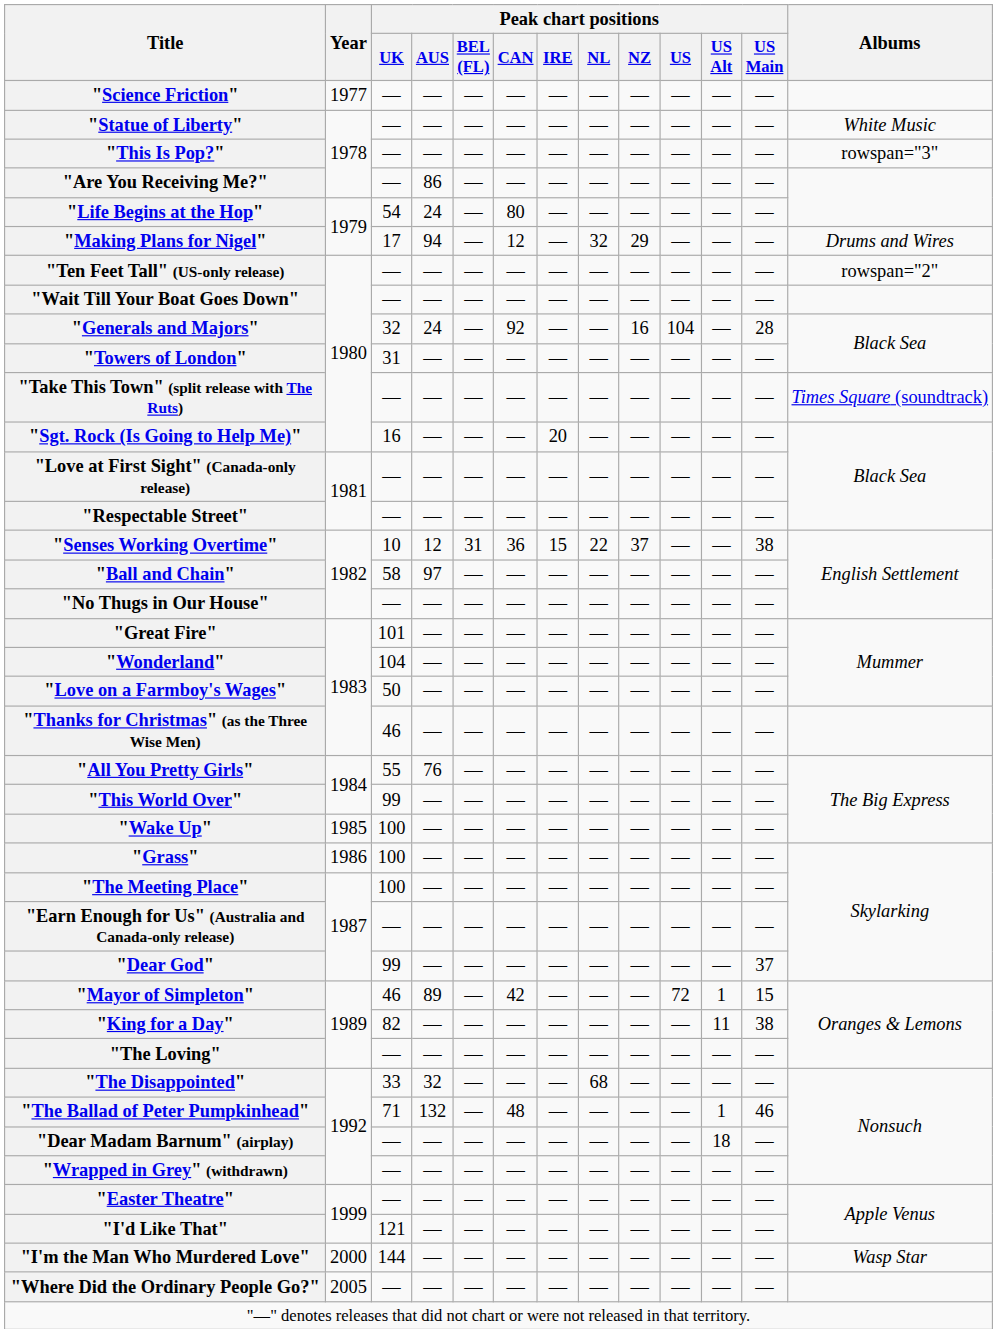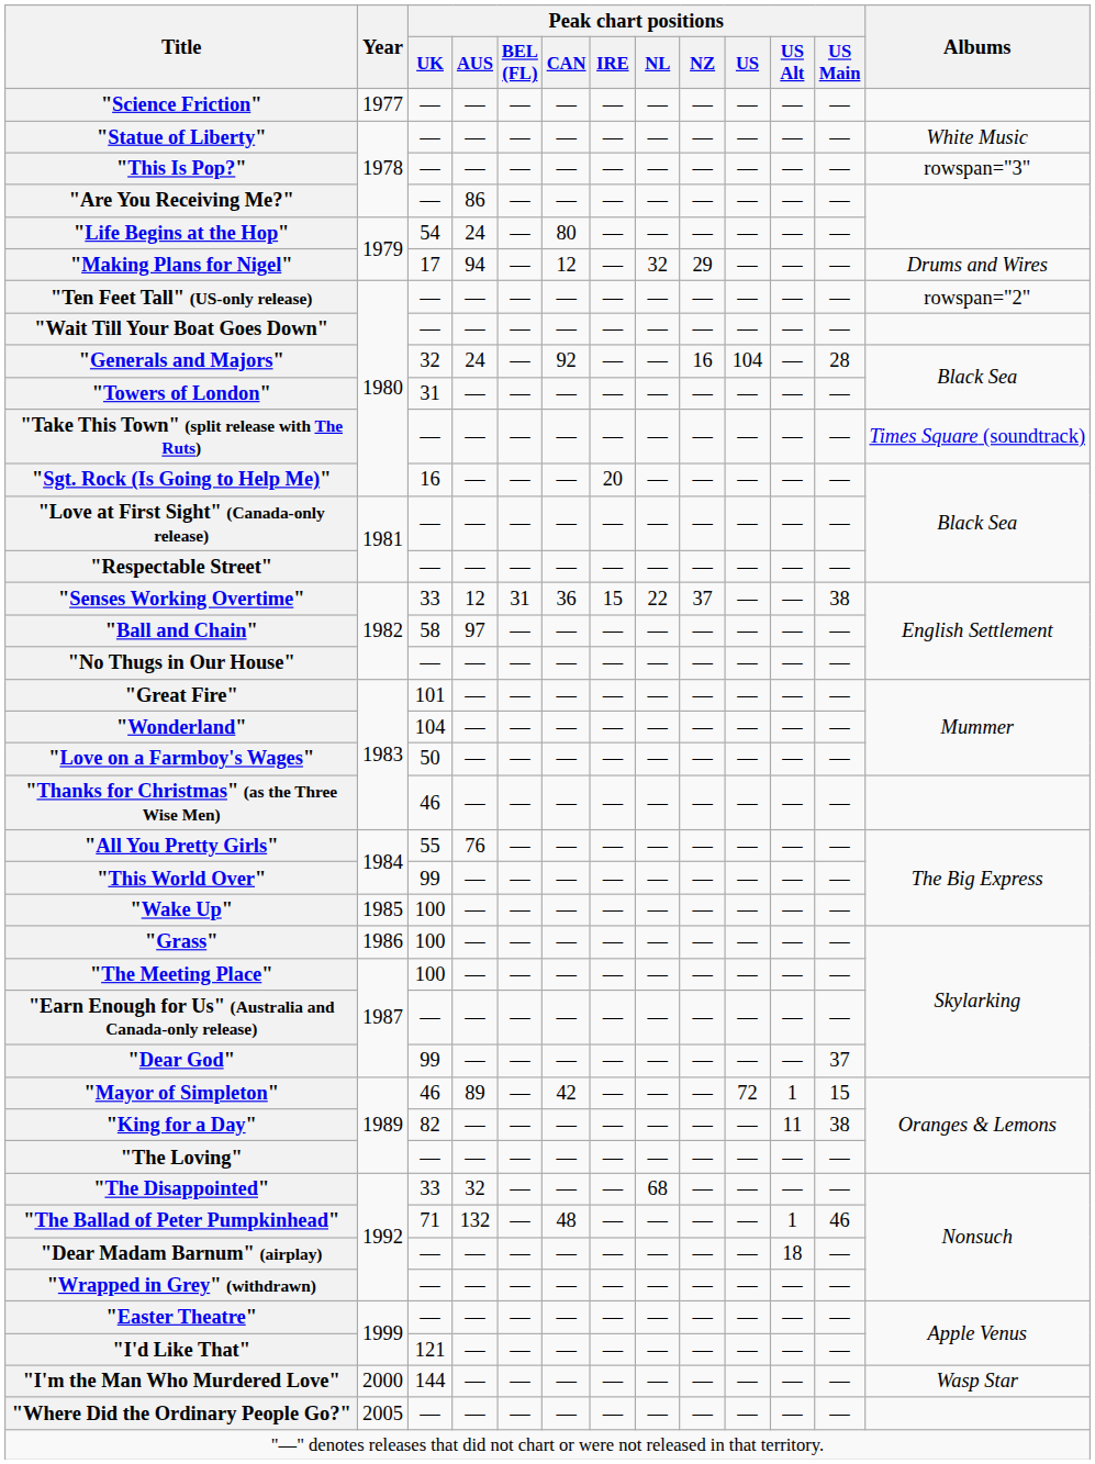 <table class="wikitable plainrowheaders" style="text-align:center;">
 <tr>
 <th rowspan="2" scope="col" style="width:17em;">Title</th>
 <th rowspan="2" scope="col" style="width:2em;">Year</th>
 <th colspan="10">Peak chart positions</th>
 <th rowspan="2">Albums</th>
 </tr>
 <tr>
 <th scope="col" style="width:2em;font-size:90%;"><a href='#'>UK</a><br></th>
 <th scope="col" style="width:2em;font-size:90%;"><a href='#'>AUS</a><br></th>
 <th scope="col" style="width:2em;font-size:90%;"><a href='#'>BEL<br>(FL)</a><br></th>
 <th scope="col" style="width:2em;font-size:90%;"><a href='#'>CAN</a><br></th>
 <th scope="col" style="width:2em;font-size:90%;"><a href='#'>IRE</a><br></th>
 <th scope="col" style="width:2em;font-size:90%;"><a href='#'>NL</a><br></th>
 <th scope="col" style="width:2em;font-size:90%;"><a href='#'>NZ</a><br></th>
 <th scope="col" style="width:2em;font-size:90%;"><a href='#'>US</a><br></th>
 <th scope="col" style="width:2em;font-size:90%;"><a href='#'>US Alt</a><br></th>
 <th scope="col" style="width:2em;font-size:90%;"><a href='#'>US Main</a><br></th>
 </tr>
 <tr>
 <th scope="row">"<a href='#'>Science Friction</a>"</th>
 <td>1977</td>
 <td>—</td>
 <td>—</td>
 <td>—</td>
 <td>—</td>
 <td>—</td>
 <td>—</td>
 <td>—</td>
 <td>—</td>
 <td>—</td>
 <td>—</td>
 <td></td>
 </tr>
 <tr>
 <th scope="row">"<a href='#'>Statue of Liberty</a>"</th>
 <td rowspan="3">1978</td>
 <td>—</td>
 <td>—</td>
 <td>—</td>
 <td>—</td>
 <td>—</td>
 <td>—</td>
 <td>—</td>
 <td>—</td>
 <td>—</td>
 <td>—</td>
 <td><em>White Music</em></td>
 </tr>
 <tr>
 <th scope="row">"<a href='#'>This Is Pop?</a>"</th>
 <td>—</td>
 <td>—</td>
 <td>—</td>
 <td>—</td>
 <td>—</td>
 <td>—</td>
 <td>—</td>
 <td>—</td>
 <td>—</td>
 <td>—</td>
 <td>rowspan="3" </td>
 </tr>
 <tr>
 <th scope="row">"Are You Receiving Me?"</th>
 <td>—</td>
 <td>86</td>
 <td>—</td>
 <td>—</td>
 <td>—</td>
 <td>—</td>
 <td>—</td>
 <td>—</td>
 <td>—</td>
 <td>—</td>
 </tr>
 <tr>
 <th scope="row">"<a href='#'>Life Begins at the Hop</a>"</th>
 <td rowspan="2">1979</td>
 <td>54</td>
 <td>24</td>
 <td>—</td>
 <td>80</td>
 <td>—</td>
 <td>—</td>
 <td>—</td>
 <td>—</td>
 <td>—</td>
 <td>—</td>
 </tr>
 <tr>
 <th scope="row">"<a href='#'>Making Plans for Nigel</a>"</th>
 <td>17</td>
 <td>94</td>
 <td>—</td>
 <td>12</td>
 <td>—</td>
 <td>32</td>
 <td>29</td>
 <td>—</td>
 <td>—</td>
 <td>—</td>
 <td rowspan="1"><em>Drums and Wires</em></td>
 </tr>
 <tr>
 <th scope="row">"Ten Feet Tall" <small>(US-only release)</small></th>
 <td rowspan="6">1980</td>
 <td>—</td>
 <td>—</td>
 <td>—</td>
 <td>—</td>
 <td>—</td>
 <td>—</td>
 <td>—</td>
 <td>—</td>
 <td>—</td>
 <td>—</td>
 <td>rowspan="2" </td>
 </tr>
 <tr>
 <th scope="row">"Wait Till Your Boat Goes Down"</th>
 <td>—</td>
 <td>—</td>
 <td>—</td>
 <td>—</td>
 <td>—</td>
 <td>—</td>
 <td>—</td>
 <td>—</td>
 <td>—</td>
 <td>—</td>
 </tr>
 <tr>
 <th scope="row">"<a href='#'>Generals and Majors</a>"</th>
 <td>32</td>
 <td>24</td>
 <td>—</td>
 <td>92</td>
 <td>—</td>
 <td>—</td>
 <td>16</td>
 <td>104</td>
 <td>—</td>
 <td>28</td>
 <td rowspan="2"><em>Black Sea</em></td>
 </tr>
 <tr>
 <th scope="row">"<a href='#'>Towers of London</a>"</th>
 <td>31</td>
 <td>—</td>
 <td>—</td>
 <td>—</td>
 <td>—</td>
 <td>—</td>
 <td>—</td>
 <td>—</td>
 <td>—</td>
 <td>—</td>
 </tr>
 <tr>
 <th scope="row">"Take This Town" <small>(split release with <a href='#'>The Ruts</a>)</small></th>
 <td>—</td>
 <td>—</td>
 <td>—</td>
 <td>—</td>
 <td>—</td>
 <td>—</td>
 <td>—</td>
 <td>—</td>
 <td>—</td>
 <td>—</td>
 <td><a href='#'><em>Times Square</em> (soundtrack)</a></td>
 </tr>
 <tr>
 <th scope="row">"<a href='#'>Sgt. Rock (Is Going to Help Me)</a>"</th>
 <td>16</td>
 <td>—</td>
 <td>—</td>
 <td>—</td>
 <td>20</td>
 <td>—</td>
 <td>—</td>
 <td>—</td>
 <td>—</td>
 <td>—</td>
 <td rowspan="3"><em>Black Sea</em></td>
 </tr>
 <tr>
 <th scope="row">"Love at First Sight" <small>(Canada-only release)</small></th>
 <td rowspan="2">1981</td>
 <td>—</td>
 <td>—</td>
 <td>—</td>
 <td>—</td>
 <td>—</td>
 <td>—</td>
 <td>—</td>
 <td>—</td>
 <td>—</td>
 <td>—</td>
 </tr>
 <tr>
 <th scope="row">"Respectable Street"</th>
 <td>—</td>
 <td>—</td>
 <td>—</td>
 <td>—</td>
 <td>—</td>
 <td>—</td>
 <td>—</td>
 <td>—</td>
 <td>—</td>
 <td>—</td>
 </tr>
 <tr>
 <th scope="row">"<a href='#'>Senses Working Overtime</a>"</th>
 <td rowspan="3">1982</td>
-<td>10</td>
+<td>33</td>
 <td>12</td>
 <td>31</td>
 <td>36</td>
 <td>15</td>
 <td>22</td>
 <td>37</td>
 <td>—</td>
 <td>—</td>
 <td>38</td>
 <td rowspan="3"><em>English Settlement</em></td>
 </tr>
 <tr>
 <th scope="row">"<a href='#'>Ball and Chain</a>"</th>
 <td>58</td>
 <td>97</td>
 <td>—</td>
 <td>—</td>
 <td>—</td>
 <td>—</td>
 <td>—</td>
 <td>—</td>
 <td>—</td>
 <td>—</td>
 </tr>
 <tr>
 <th scope="row">"No Thugs in Our House"</th>
 <td>—</td>
 <td>—</td>
 <td>—</td>
 <td>—</td>
 <td>—</td>
 <td>—</td>
 <td>—</td>
 <td>—</td>
 <td>—</td>
 <td>—</td>
 </tr>
 <tr>
 <th scope="row">"Great Fire"</th>
 <td rowspan="4">1983</td>
 <td>101</td>
 <td>—</td>
 <td>—</td>
 <td>—</td>
 <td>—</td>
 <td>—</td>
 <td>—</td>
 <td>—</td>
 <td>—</td>
 <td>—</td>
 <td rowspan="3"><em>Mummer</em></td>
 </tr>
 <tr>
 <th scope="row">"<a href='#'>Wonderland</a>"</th>
 <td>104</td>
 <td>—</td>
 <td>—</td>
 <td>—</td>
 <td>—</td>
 <td>—</td>
 <td>—</td>
 <td>—</td>
 <td>—</td>
 <td>—</td>
 </tr>
 <tr>
 <th scope="row">"<a href='#'>Love on a Farmboy's Wages</a>"</th>
 <td>50</td>
 <td>—</td>
 <td>—</td>
 <td>—</td>
 <td>—</td>
 <td>—</td>
 <td>—</td>
 <td>—</td>
 <td>—</td>
 <td>—</td>
 </tr>
 <tr>
 <th scope="row">"<a href='#'>Thanks for Christmas</a>" <small>(as the Three Wise Men)</small></th>
 <td>46</td>
 <td>—</td>
 <td>—</td>
 <td>—</td>
 <td>—</td>
 <td>—</td>
 <td>—</td>
 <td>—</td>
 <td>—</td>
 <td>—</td>
 <td></td>
 </tr>
 <tr>
 <th scope="row">"<a href='#'>All You Pretty Girls</a>"</th>
 <td rowspan="2">1984</td>
 <td>55</td>
 <td>76</td>
 <td>—</td>
 <td>—</td>
 <td>—</td>
 <td>—</td>
 <td>—</td>
 <td>—</td>
 <td>—</td>
 <td>—</td>
 <td rowspan="3"><em>The Big Express</em></td>
 </tr>
 <tr>
 <th scope="row">"<a href='#'>This World Over</a>"</th>
 <td>99</td>
 <td>—</td>
 <td>—</td>
 <td>—</td>
 <td>—</td>
 <td>—</td>
 <td>—</td>
 <td>—</td>
 <td>—</td>
 <td>—</td>
 </tr>
 <tr>
 <th scope="row">"<a href='#'>Wake Up</a>"</th>
 <td>1985</td>
 <td>100</td>
 <td>—</td>
 <td>—</td>
 <td>—</td>
 <td>—</td>
 <td>—</td>
 <td>—</td>
 <td>—</td>
 <td>—</td>
 <td>—</td>
 </tr>
 <tr>
 <th scope="row">"<a href='#'>Grass</a>"</th>
 <td>1986</td>
 <td>100</td>
 <td>—</td>
 <td>—</td>
 <td>—</td>
 <td>—</td>
 <td>—</td>
 <td>—</td>
 <td>—</td>
 <td>—</td>
 <td>—</td>
 <td rowspan="4"><em>Skylarking</em></td>
 </tr>
 <tr>
 <th scope="row">"<a href='#'>The Meeting Place</a>"</th>
 <td rowspan="3">1987</td>
 <td>100</td>
 <td>—</td>
 <td>—</td>
 <td>—</td>
 <td>—</td>
 <td>—</td>
 <td>—</td>
 <td>—</td>
 <td>—</td>
 <td>—</td>
 </tr>
 <tr>
 <th scope="row">"Earn Enough for Us" <small>(Australia and Canada-only release)</small></th>
 <td>—</td>
 <td>—</td>
 <td>—</td>
 <td>—</td>
 <td>—</td>
 <td>—</td>
 <td>—</td>
 <td>—</td>
 <td>—</td>
 <td>—</td>
 </tr>
 <tr>
 <th scope="row">"<a href='#'>Dear God</a>"</th>
 <td>99</td>
 <td>—</td>
 <td>—</td>
 <td>—</td>
 <td>—</td>
 <td>—</td>
 <td>—</td>
 <td>—</td>
 <td>—</td>
 <td>37</td>
 </tr>
 <tr>
 <th scope="row">"<a href='#'>Mayor of Simpleton</a>"</th>
 <td rowspan="3">1989</td>
 <td>46</td>
 <td>89</td>
 <td>—</td>
 <td>42</td>
 <td>—</td>
 <td>—</td>
 <td>—</td>
 <td>72</td>
 <td>1</td>
 <td>15</td>
 <td rowspan="3"><em>Oranges & Lemons</em></td>
 </tr>
 <tr>
 <th scope="row">"<a href='#'>King for a Day</a>"</th>
 <td>82</td>
 <td>—</td>
 <td>—</td>
 <td>—</td>
 <td>—</td>
 <td>—</td>
 <td>—</td>
 <td>—</td>
 <td>11</td>
 <td>38</td>
 </tr>
 <tr>
 <th scope="row">"The Loving"</th>
 <td>—</td>
 <td>—</td>
 <td>—</td>
 <td>—</td>
 <td>—</td>
 <td>—</td>
 <td>—</td>
 <td>—</td>
 <td>—</td>
 <td>—</td>
 </tr>
 <tr>
 <th scope="row">"<a href='#'>The Disappointed</a>"</th>
 <td rowspan="4">1992</td>
 <td>33</td>
 <td>32</td>
 <td>—</td>
 <td>—</td>
 <td>—</td>
 <td>68</td>
 <td>—</td>
 <td>—</td>
 <td>—</td>
 <td>—</td>
 <td rowspan="4"><em>Nonsuch</em></td>
 </tr>
 <tr>
 <th scope="row">"<a href='#'>The Ballad of Peter Pumpkinhead</a>"</th>
 <td>71</td>
 <td>132</td>
 <td>—</td>
 <td>48</td>
 <td>—</td>
 <td>—</td>
 <td>—</td>
 <td>—</td>
 <td>1</td>
 <td>46</td>
 </tr>
 <tr>
 <th scope="row">"Dear Madam Barnum" <small>(airplay)</small></th>
 <td>—</td>
 <td>—</td>
 <td>—</td>
 <td>—</td>
 <td>—</td>
 <td>—</td>
 <td>—</td>
 <td>—</td>
 <td>18</td>
 <td>—</td>
 </tr>
 <tr>
 <th scope="row">"<a href='#'>Wrapped in Grey</a>" <small>(withdrawn)</small></th>
 <td>—</td>
 <td>—</td>
 <td>—</td>
 <td>—</td>
 <td>—</td>
 <td>—</td>
 <td>—</td>
 <td>—</td>
 <td>—</td>
 <td>—</td>
 </tr>
 <tr>
 <th scope="row">"<a href='#'>Easter Theatre</a>"</th>
 <td rowspan="2">1999</td>
 <td>—</td>
 <td>—</td>
 <td>—</td>
 <td>—</td>
 <td>—</td>
 <td>—</td>
 <td>—</td>
 <td>—</td>
 <td>—</td>
 <td>—</td>
 <td rowspan="2"><em>Apple Venus</em></td>
 </tr>
 <tr>
 <th scope="row">"I'd Like That"</th>
 <td>121</td>
 <td>—</td>
 <td>—</td>
 <td>—</td>
 <td>—</td>
 <td>—</td>
 <td>—</td>
 <td>—</td>
 <td>—</td>
 <td>—</td>
 </tr>
 <tr>
 <th scope="row">"I'm the Man Who Murdered Love"</th>
 <td>2000</td>
 <td>144</td>
 <td>—</td>
 <td>—</td>
 <td>—</td>
 <td>—</td>
 <td>—</td>
 <td>—</td>
 <td>—</td>
 <td>—</td>
 <td>—</td>
 <td><em>Wasp Star</em></td>
 </tr>
 <tr>
 <th scope="row">"Where Did the Ordinary People Go?"</th>
 <td>2005</td>
 <td>—</td>
 <td>—</td>
 <td>—</td>
 <td>—</td>
 <td>—</td>
 <td>—</td>
 <td>—</td>
 <td>—</td>
 <td>—</td>
 <td>—</td>
 <td></td>
 </tr>
 <tr>
 <td colspan="13" style="font-size:90%">"—" denotes releases that did not chart or were not released in that territory.</td>
 </tr>
 </table>
